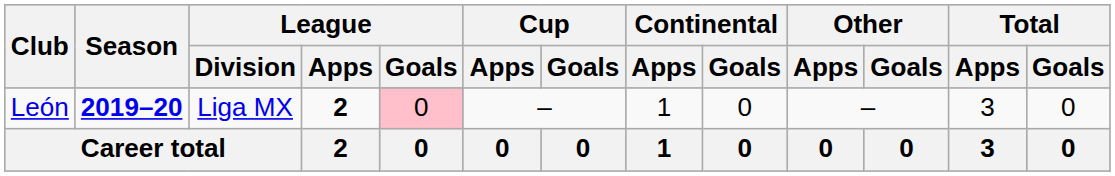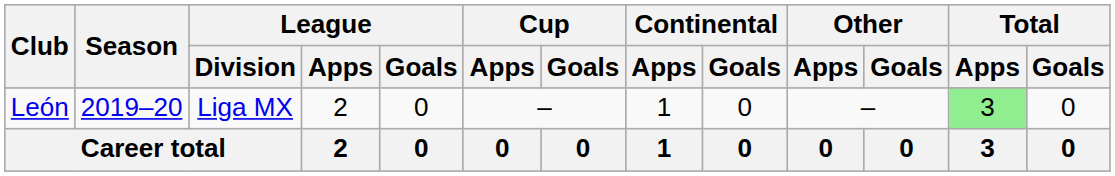 <table class="wikitable" style="text-align: center">
 <tr>
 <th rowspan="2">Club</th>
 <th rowspan="2">Season</th>
 <th colspan="3">League</th>
 <th colspan="2">Cup</th>
 <th colspan="2">Continental</th>
 <th colspan="2">Other</th>
 <th colspan="2">Total</th>
 </tr>
 <tr>
 <th>Division</th>
 <th>Apps</th>
 <th>Goals</th>
 <th>Apps</th>
 <th>Goals</th>
 <th>Apps</th>
 <th>Goals</th>
 <th>Apps</th>
 <th>Goals</th>
 <th>Apps</th>
 <th>Goals</th>
 </tr>
 <tr>
 <td rowspan="1"><a href='#'>León</a></td>
-<td><strong><a href='#'>2019–20</a></strong></td>
+<td><a href='#'>2019–20</a></td>
 <td rowspan="1"><a href='#'>Liga MX</a></td>
-<td><strong>2</strong></td>
-<td style="background: pink;">0</td>
+<td>2</td>
+<td>0</td>
 <td colspan="2">–</td>
 <td>1</td>
 <td>0</td>
 <td colspan="2">–</td>
-<td>3</td>
+<td style="background: lightgreen;">3</td>
 <td>0</td>
 </tr>
 <tr>
 <th colspan="3"><strong>Career total</strong></th>
 <th>2</th>
 <th>0</th>
 <th>0</th>
 <th>0</th>
 <th>1</th>
 <th>0</th>
 <th>0</th>
 <th>0</th>
 <th>3</th>
 <th>0</th>
 </tr>
 </table>
